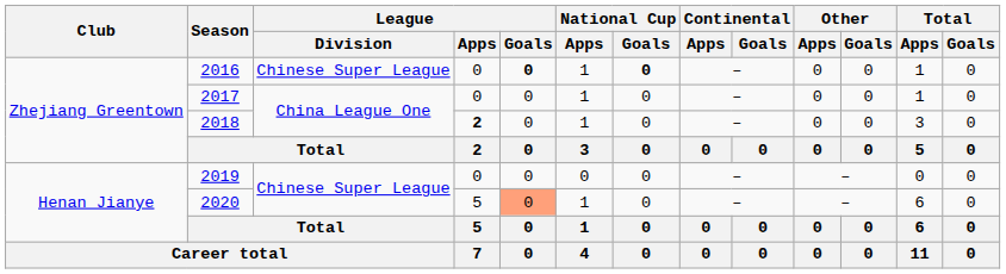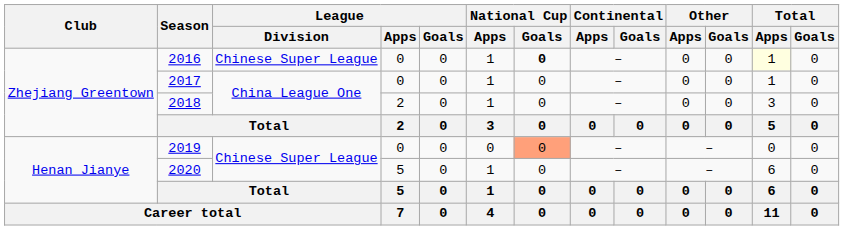 <table class="wikitable" style="text-align: center">
 <tr>
 <th rowspan="2">Club</th>
 <th rowspan="2">Season</th>
 <th colspan="3">League</th>
 <th colspan="2">National Cup</th>
 <th colspan="2">Continental</th>
 <th colspan="2">Other</th>
 <th colspan="2">Total</th>
 </tr>
 <tr>
 <th>Division</th>
 <th>Apps</th>
 <th>Goals</th>
 <th>Apps</th>
 <th>Goals</th>
 <th>Apps</th>
 <th>Goals</th>
 <th>Apps</th>
 <th>Goals</th>
 <th>Apps</th>
 <th>Goals</th>
 </tr>
 <tr>
 <td rowspan="4"><a href='#'>Zhejiang Greentown</a></td>
 <td><a href='#'>2016</a></td>
 <td><a href='#'>Chinese Super League</a></td>
 <td>0</td>
-<td><strong>0</strong></td>
+<td>0</td>
 <td>1</td>
 <td><strong>0</strong></td>
 <td colspan="2">–</td>
 <td>0</td>
 <td>0</td>
-<td>1</td>
+<td style="background: lightyellow;">1</td>
 <td>0</td>
 </tr>
 <tr>
 <td><a href='#'>2017</a></td>
 <td rowspan="2"><a href='#'>China League One</a></td>
 <td>0</td>
 <td>0</td>
 <td>1</td>
 <td>0</td>
 <td colspan="2">–</td>
 <td>0</td>
 <td>0</td>
 <td>1</td>
 <td>0</td>
 </tr>
 <tr>
 <td><a href='#'>2018</a></td>
-<td><strong>2</strong></td>
+<td>2</td>
 <td>0</td>
 <td>1</td>
 <td>0</td>
 <td colspan="2">–</td>
 <td>0</td>
 <td>0</td>
 <td>3</td>
 <td>0</td>
 </tr>
 <tr>
 <th colspan=2>Total</th>
 <th>2</th>
 <th>0</th>
 <th>3</th>
 <th>0</th>
 <th>0</th>
 <th>0</th>
 <th>0</th>
 <th>0</th>
 <th>5</th>
 <th>0</th>
 </tr>
 <tr>
 <td rowspan="3"><a href='#'>Henan Jianye</a></td>
 <td><a href='#'>2019</a></td>
 <td rowspan="2"><a href='#'>Chinese Super League</a></td>
 <td>0</td>
 <td>0</td>
 <td>0</td>
-<td>0</td>
+<td style="background: lightsalmon;">0</td>
 <td colspan="2">–</td>
 <td colspan="2">–</td>
 <td>0</td>
 <td>0</td>
 </tr>
 <tr>
 <td><a href='#'>2020</a></td>
 <td>5</td>
-<td style="background: lightsalmon;">0</td>
+<td>0</td>
 <td>1</td>
 <td>0</td>
 <td colspan="2">–</td>
 <td colspan="2">–</td>
 <td>6</td>
 <td>0</td>
 </tr>
 <tr>
 <th colspan=2>Total</th>
 <th>5</th>
 <th>0</th>
 <th>1</th>
 <th>0</th>
 <th>0</th>
 <th>0</th>
 <th>0</th>
 <th>0</th>
 <th>6</th>
 <th>0</th>
 </tr>
 <tr>
 <th colspan=3>Career total</th>
 <th>7</th>
 <th>0</th>
 <th>4</th>
 <th>0</th>
 <th>0</th>
 <th>0</th>
 <th>0</th>
 <th>0</th>
 <th>11</th>
 <th>0</th>
 </tr>
 </table>
